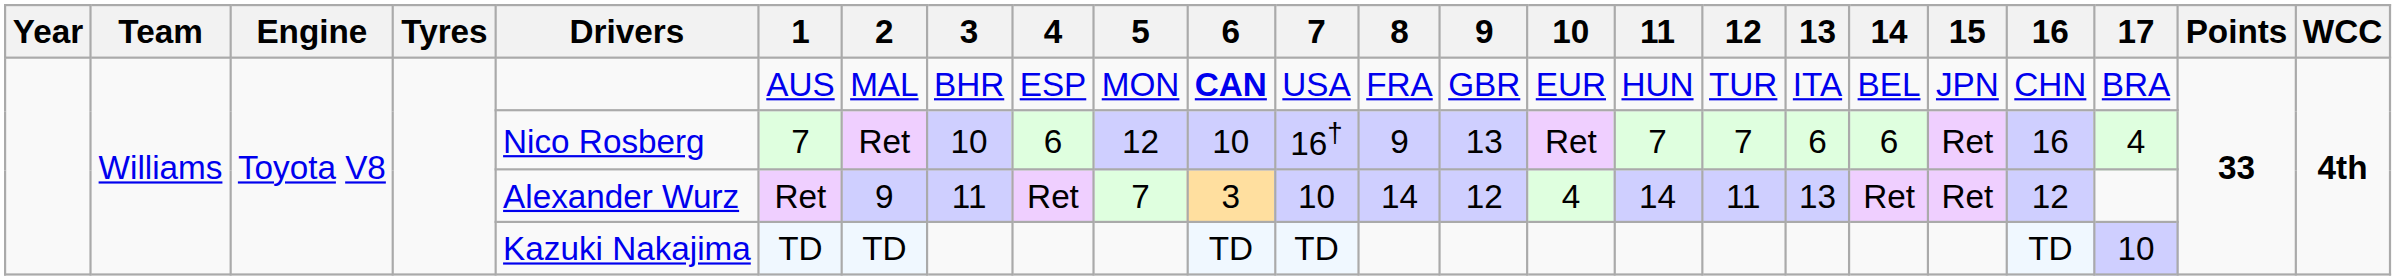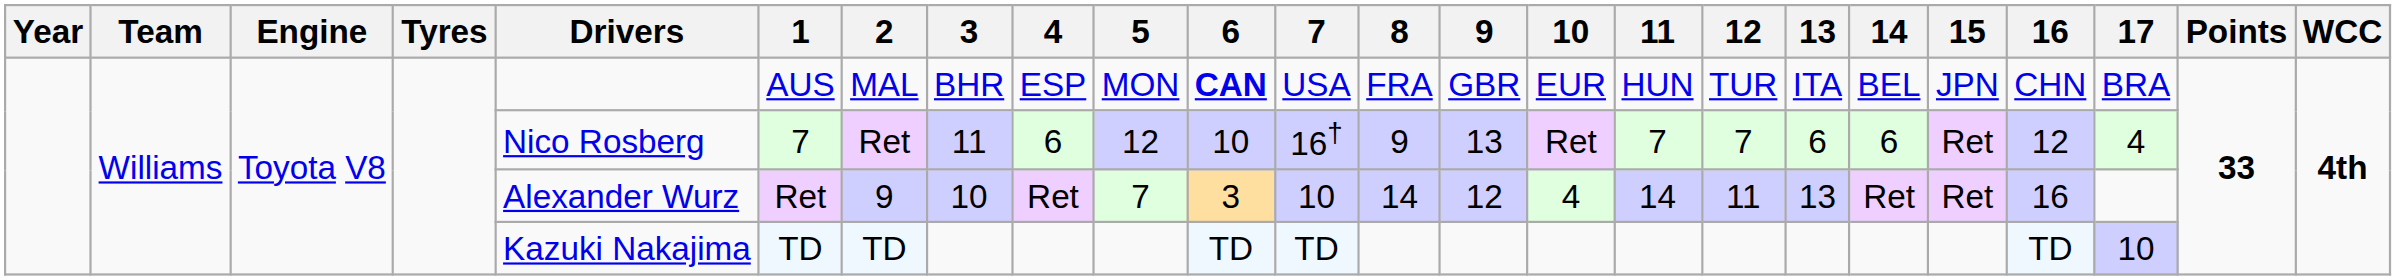 <table class="wikitable" style="text-align:center; font-size:95%">
 <tr>
 <th>Year</th>
 <th>Team</th>
 <th>Engine</th>
 <th>Tyres</th>
 <th>Drivers</th>
 <th>1</th>
 <th>2</th>
 <th>3</th>
 <th>4</th>
 <th>5</th>
 <th>6</th>
 <th>7</th>
 <th>8</th>
 <th>9</th>
 <th>10</th>
 <th>11</th>
 <th>12</th>
 <th>13</th>
 <th>14</th>
 <th>15</th>
 <th>16</th>
 <th>17</th>
 <th>Points</th>
 <th>WCC</th>
 </tr>
 <tr>
 <td rowspan="4"></td>
 <td rowspan="4"><a href='#'>Williams</a></td>
 <td rowspan="4"><a href='#'>Toyota</a> <a href='#'>V8</a></td>
 <td rowspan="4"></td>
 <td></td>
 <td><a href='#'>AUS</a></td>
 <td><a href='#'>MAL</a></td>
 <td><a href='#'>BHR</a></td>
 <td><a href='#'>ESP</a></td>
 <td><a href='#'>MON</a></td>
 <td><strong><a href='#'>CAN</a></strong></td>
 <td><a href='#'>USA</a></td>
 <td><a href='#'>FRA</a></td>
 <td><a href='#'>GBR</a></td>
 <td><a href='#'>EUR</a></td>
 <td><a href='#'>HUN</a></td>
 <td><a href='#'>TUR</a></td>
 <td><a href='#'>ITA</a></td>
 <td><a href='#'>BEL</a></td>
 <td><a href='#'>JPN</a></td>
 <td><a href='#'>CHN</a></td>
 <td><a href='#'>BRA</a></td>
 <td rowspan="4"><strong>33</strong></td>
 <td rowspan="4"><strong>4th</strong></td>
 </tr>
 <tr>
 <td align="left"> <a href='#'>Nico Rosberg</a></td>
 <td style="background:#DFFFDF;">7</td>
 <td style="background:#EFCFFF;">Ret</td>
-<td style="background:#CFCFFF;">10</td>
+<td style="background:#CFCFFF;">11</td>
 <td style="background:#DFFFDF;">6</td>
 <td style="background:#CFCFFF;">12</td>
 <td style="background:#CFCFFF;">10</td>
 <td style="background:#CFCFFF;">16<sup>†</sup></td>
 <td style="background:#CFCFFF;">9</td>
 <td style="background:#CFCFFF;">13</td>
 <td style="background:#EFCFFF;">Ret</td>
 <td style="background:#DFFFDF;">7</td>
 <td style="background:#DFFFDF;">7</td>
 <td style="background:#DFFFDF;">6</td>
 <td style="background:#DFFFDF;">6</td>
 <td style="background:#EFCFFF;">Ret</td>
-<td style="background:#CFCFFF;">16</td>
+<td style="background:#CFCFFF;">12</td>
 <td style="background:#DFFFDF;">4</td>
 </tr>
 <tr>
 <td align="left"> <a href='#'>Alexander Wurz</a></td>
 <td style="background:#EFCFFF;">Ret</td>
 <td style="background:#CFCFFF;">9</td>
-<td style="background:#CFCFFF;">11</td>
+<td style="background:#CFCFFF;">10</td>
 <td style="background:#EFCFFF;">Ret</td>
 <td style="background:#DFFFDF;">7</td>
 <td style="background:#FFDF9F;">3</td>
 <td style="background:#CFCFFF;">10</td>
 <td style="background:#CFCFFF;">14</td>
 <td style="background:#CFCFFF;">12</td>
 <td style="background:#DFFFDF;">4</td>
 <td style="background:#CFCFFF;">14</td>
 <td style="background:#CFCFFF;">11</td>
 <td style="background:#CFCFFF;">13</td>
 <td style="background:#EFCFFF;">Ret</td>
 <td style="background:#EFCFFF;">Ret</td>
-<td style="background:#CFCFFF;">12</td>
+<td style="background:#CFCFFF;">16</td>
 <td></td>
 </tr>
 <tr>
 <td> <a href='#'>Kazuki Nakajima</a></td>
 <td style="background:#F0F8FF;">TD</td>
 <td style="background:#F0F8FF;">TD</td>
 <td></td>
 <td></td>
 <td></td>
 <td style="background:#F0F8FF;">TD</td>
 <td style="background:#F0F8FF;">TD</td>
 <td></td>
 <td></td>
 <td></td>
 <td></td>
 <td></td>
 <td></td>
 <td></td>
 <td></td>
 <td style="background:#F0F8FF;">TD</td>
 <td style="background:#CFCFFF;">10</td>
 </tr>
 </table>
